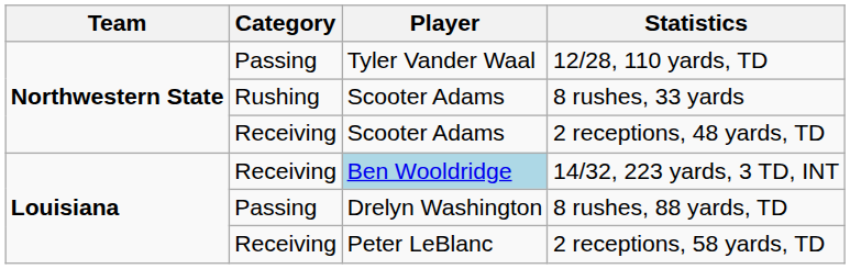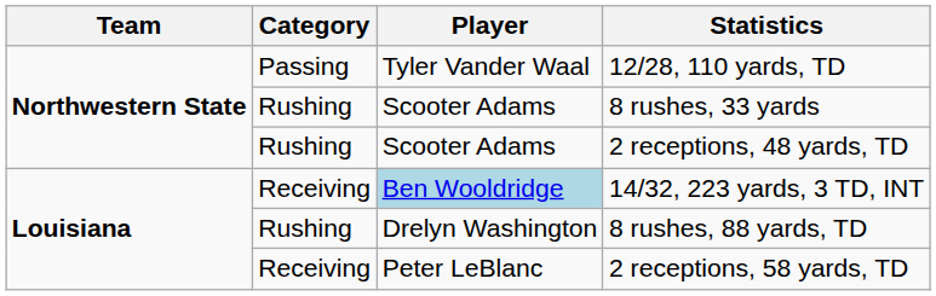 <table class="wikitable" style="float: right;">
 <tr>
 <th>Team</th>
 <th>Category</th>
 <th>Player</th>
 <th>Statistics</th>
 </tr>
 <tr>
 <td rowspan=3><strong>Northwestern State</strong></td>
 <td>Passing</td>
 <td>Tyler Vander Waal</td>
 <td>12/28, 110 yards, TD</td>
 </tr>
 <tr>
 <td>Rushing</td>
 <td>Scooter Adams</td>
 <td>8 rushes, 33 yards</td>
 </tr>
 <tr>
-<td>Receiving</td>
+<td>Rushing</td>
 <td>Scooter Adams</td>
 <td>2 receptions, 48 yards, TD</td>
 </tr>
 <tr>
 <td rowspan=3><strong>Louisiana</strong></td>
 <td>Receiving</td>
 <td style="background: lightblue;"><a href='#'>Ben Wooldridge</a></td>
 <td>14/32, 223 yards, 3 TD, INT</td>
 </tr>
 <tr>
-<td>Passing</td>
+<td>Rushing</td>
 <td>Drelyn Washington</td>
 <td>8 rushes, 88 yards, TD</td>
 </tr>
 <tr>
 <td>Receiving</td>
 <td>Peter LeBlanc</td>
 <td>2 receptions, 58 yards, TD</td>
 </tr>
 </table>
